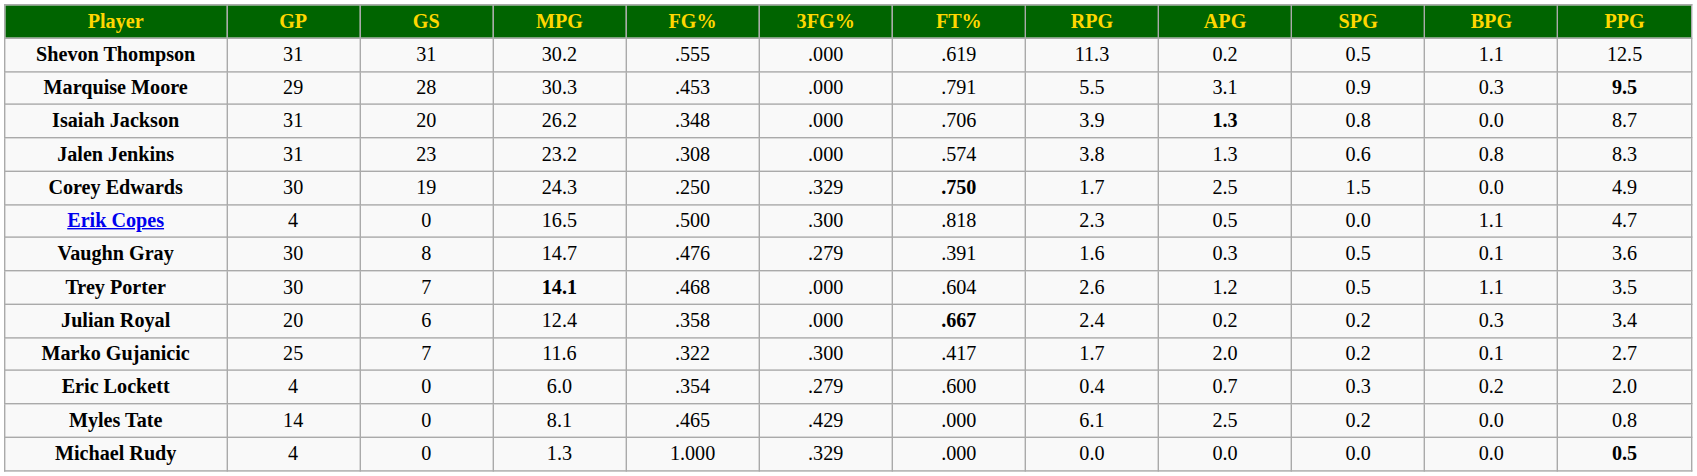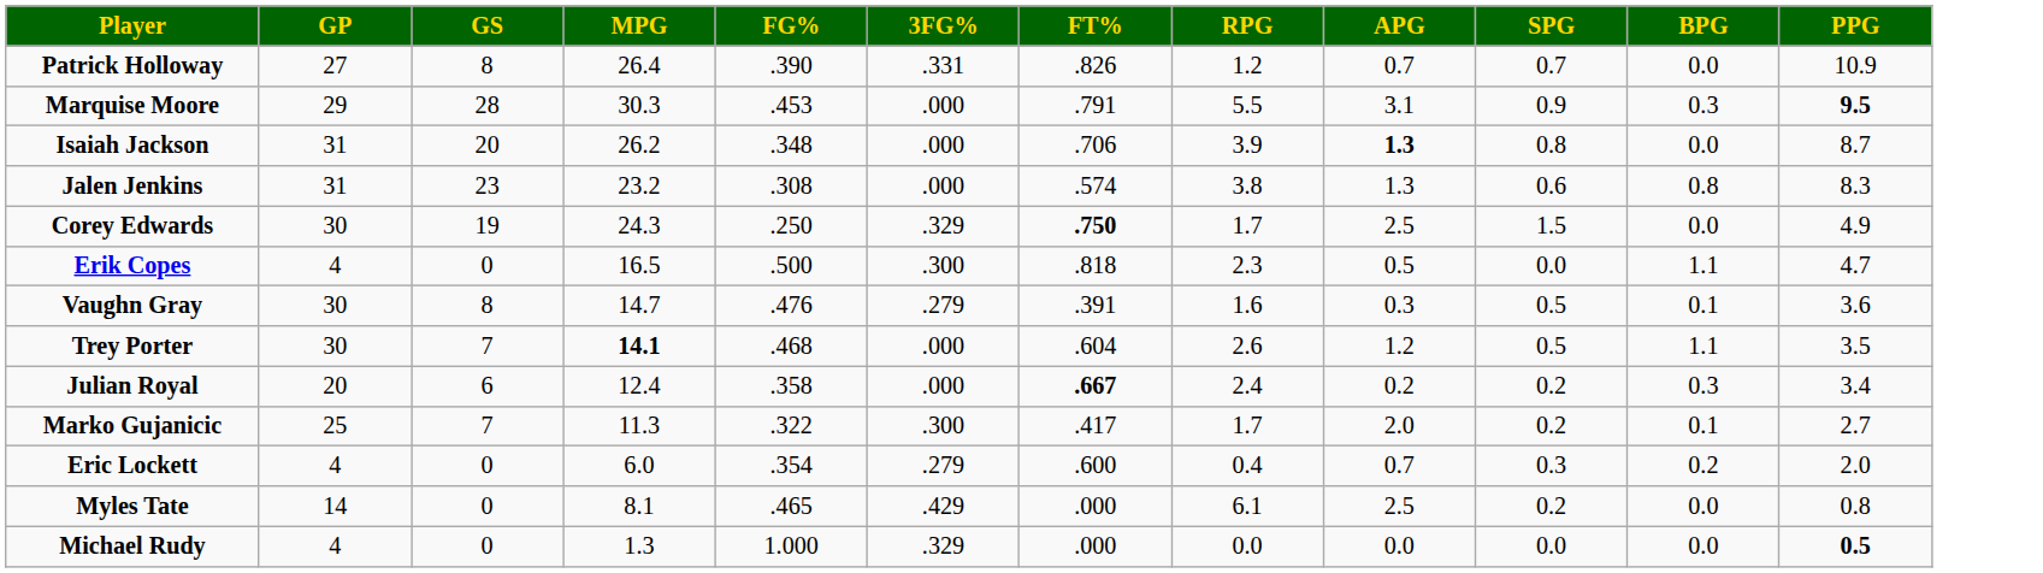 <table class="wikitable sortable" style="font-size: 90%">
 <tr>
 <th style="background:#006400; color:gold; width:10%;">Player</th>
 <th style="background:#006400; color:gold; width:6%;">GP</th>
 <th style="background:#006400; color:gold; width:6%;">GS</th>
 <th style="background:#006400; color:gold; width:6%;">MPG</th>
 <th style="background:#006400; color:gold; width:6%;">FG%</th>
 <th style="background:#006400; color:gold; width:6%;">3FG%</th>
 <th style="background:#006400; color:gold; width:6%;">FT%</th>
 <th style="background:#006400; color:gold; width:6%;">RPG</th>
 <th style="background:#006400; color:gold; width:6%;">APG</th>
 <th style="background:#006400; color:gold; width:6%;">SPG</th>
 <th style="background:#006400; color:gold; width:6%;">BPG</th>
 <th style="background:#006400; color:gold; width:6%;">PPG</th>
 </tr>
-<tr style="text-align:center;">
-<td><strong>Shevon Thompson</strong></td>
-<td>31</td>
-<td>31</td>
-<td>30.2</td>
-<td>.555</td>
-<td>.000</td>
-<td>.619</td>
-<td>11.3</td>
-<td>0.2</td>
-<td>0.5</td>
-<td>1.1</td>
-<td>12.5</td>
+<tr style="text-align:center;" bgcolor="">
+<td><strong>Patrick Holloway</strong></td>
+<td>27</td>
+<td>8</td>
+<td>26.4</td>
+<td>.390</td>
+<td>.331</td>
+<td>.826</td>
+<td>1.2</td>
+<td>0.7</td>
+<td>0.7</td>
+<td>0.0</td>
+<td>10.9</td>
 </tr>
 <tr style="text-align:center;" bgcolor="">
 <td><strong>Marquise Moore</strong></td>
 <td>29</td>
 <td>28</td>
 <td>30.3</td>
 <td>.453</td>
 <td>.000</td>
 <td>.791</td>
 <td>5.5</td>
 <td>3.1</td>
 <td>0.9</td>
 <td>0.3</td>
 <td><strong>9.5</strong></td>
 </tr>
 <tr style="text-align:center;" bgcolor="">
 <td><strong>Isaiah Jackson</strong></td>
 <td>31</td>
 <td>20</td>
 <td>26.2</td>
 <td>.348</td>
 <td>.000</td>
 <td>.706</td>
 <td>3.9</td>
 <td><strong>1.3</strong></td>
 <td>0.8</td>
 <td>0.0</td>
 <td>8.7</td>
 </tr>
 <tr style="text-align:center;" bgcolor="">
 <td><strong>Jalen Jenkins</strong></td>
 <td>31</td>
 <td>23</td>
 <td>23.2</td>
 <td>.308</td>
 <td>.000</td>
 <td>.574</td>
 <td>3.8</td>
 <td>1.3</td>
 <td>0.6</td>
 <td>0.8</td>
 <td>8.3</td>
 </tr>
 <tr style="text-align:center;" bgcolor="">
 <td><strong>Corey Edwards</strong></td>
 <td>30</td>
 <td>19</td>
 <td>24.3</td>
 <td>.250</td>
 <td>.329</td>
 <td><strong>.750</strong></td>
 <td>1.7</td>
 <td>2.5</td>
 <td>1.5</td>
 <td>0.0</td>
 <td>4.9</td>
 </tr>
 <tr style="text-align:center;" bgcolor="">
 <td><strong><a href='#'>Erik Copes</a></strong></td>
 <td>4</td>
 <td>0</td>
 <td>16.5</td>
 <td>.500</td>
 <td>.300</td>
 <td>.818</td>
 <td>2.3</td>
 <td>0.5</td>
 <td>0.0</td>
 <td>1.1</td>
 <td>4.7</td>
 </tr>
 <tr style="text-align:center;" bgcolor="">
 <td><strong>Vaughn Gray</strong></td>
 <td>30</td>
 <td>8</td>
 <td>14.7</td>
 <td>.476</td>
 <td>.279</td>
 <td>.391</td>
 <td>1.6</td>
 <td>0.3</td>
 <td>0.5</td>
 <td>0.1</td>
 <td>3.6</td>
 </tr>
 <tr style="text-align:center;" bgcolor="">
 <td><strong>Trey Porter</strong></td>
 <td>30</td>
 <td>7</td>
 <td><strong>14.1</strong></td>
 <td>.468</td>
 <td>.000</td>
 <td>.604</td>
 <td>2.6</td>
 <td>1.2</td>
 <td>0.5</td>
 <td>1.1</td>
 <td>3.5</td>
 </tr>
 <tr style="text-align:center;" bgcolor="">
 <td><strong>Julian Royal</strong></td>
 <td>20</td>
 <td>6</td>
 <td>12.4</td>
 <td>.358</td>
 <td>.000</td>
 <td><strong>.667</strong></td>
 <td>2.4</td>
 <td>0.2</td>
 <td>0.2</td>
 <td>0.3</td>
 <td>3.4</td>
 </tr>
 <tr style="text-align:center;" bgcolor="">
 <td><strong>Marko Gujanicic</strong></td>
 <td>25</td>
 <td>7</td>
-<td>11.6</td>
+<td>11.3</td>
 <td>.322</td>
 <td>.300</td>
 <td>.417</td>
 <td>1.7</td>
 <td>2.0</td>
 <td>0.2</td>
 <td>0.1</td>
 <td>2.7</td>
 </tr>
 <tr style="text-align:center;" bgcolor="">
 <td><strong>Eric Lockett</strong></td>
 <td>4</td>
 <td>0</td>
 <td>6.0</td>
 <td>.354</td>
 <td>.279</td>
 <td>.600</td>
 <td>0.4</td>
 <td>0.7</td>
 <td>0.3</td>
 <td>0.2</td>
 <td>2.0</td>
 </tr>
 <tr style="text-align:center;" bgcolor="">
 <td><strong>Myles Tate</strong></td>
 <td>14</td>
 <td>0</td>
 <td>8.1</td>
 <td>.465</td>
 <td>.429</td>
 <td>.000</td>
 <td>6.1</td>
 <td>2.5</td>
 <td>0.2</td>
 <td>0.0</td>
 <td>0.8</td>
 </tr>
 <tr style="text-align:center;" bgcolor="">
 <td><strong>Michael Rudy</strong></td>
 <td>4</td>
 <td>0</td>
 <td>1.3</td>
 <td>1.000</td>
 <td>.329</td>
 <td>.000</td>
 <td>0.0</td>
 <td>0.0</td>
 <td>0.0</td>
 <td>0.0</td>
 <td><strong>0.5</strong></td>
 </tr>
 </table>
